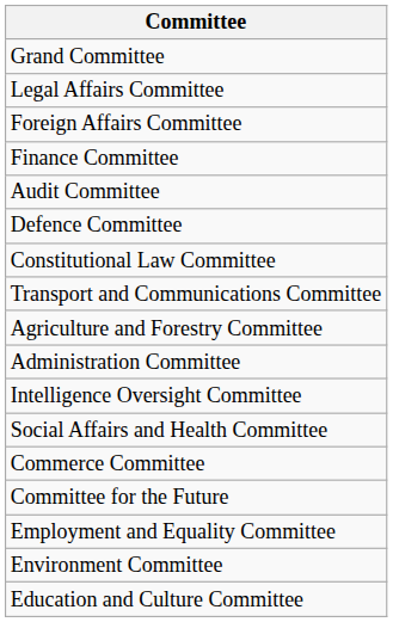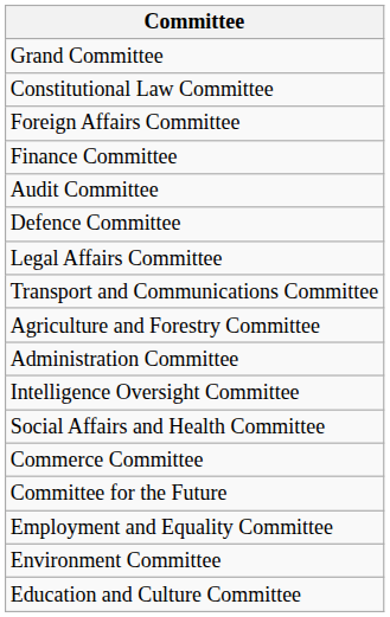 <table class="wikitable unsortable">
 <tr>
 <th>Committee</th>
 </tr>
 <tr>
 <td>Grand Committee</td>
 </tr>
 <tr>
-<td>Legal Affairs Committee</td>
+<td>Constitutional Law Committee</td>
 </tr>
 <tr>
 <td>Foreign Affairs Committee</td>
 </tr>
 <tr>
 <td>Finance Committee</td>
 </tr>
 <tr>
 <td>Audit Committee</td>
 </tr>
 <tr>
 <td>Defence Committee</td>
 </tr>
 <tr>
-<td>Constitutional Law Committee</td>
+<td>Legal Affairs Committee</td>
 </tr>
 <tr>
 <td>Transport and Communications Committee</td>
 </tr>
 <tr>
 <td>Agriculture and Forestry Committee</td>
 </tr>
 <tr>
 <td>Administration Committee</td>
 </tr>
 <tr>
 <td>Intelligence Oversight Committee</td>
 </tr>
 <tr>
 <td>Social Affairs and Health Committee</td>
 </tr>
 <tr>
 <td>Commerce Committee</td>
 </tr>
 <tr>
 <td>Committee for the Future</td>
 </tr>
 <tr>
 <td>Employment and Equality Committee</td>
 </tr>
 <tr>
 <td>Environment Committee</td>
 </tr>
 <tr>
 <td>Education and Culture Committee</td>
 </tr>
 </table>
